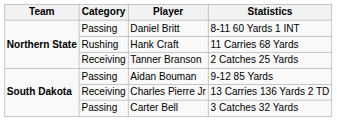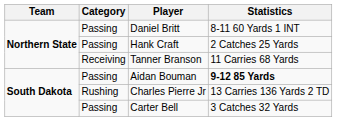 <table class="wikitable" style="float: right;">
 <tr>
 <th>Team</th>
 <th>Category</th>
 <th>Player</th>
 <th>Statistics</th>
 </tr>
 <tr>
 <td rowspan=3><strong>Northern State</strong></td>
 <td>Passing</td>
 <td>Daniel Britt</td>
 <td>8-11 60 Yards 1 INT</td>
 </tr>
 <tr>
-<td>Rushing</td>
+<td>Passing</td>
 <td>Hank Craft</td>
-<td>11 Carries 68 Yards</td>
+<td>2 Catches 25 Yards</td>
 </tr>
 <tr>
 <td>Receiving</td>
 <td>Tanner Branson</td>
-<td>2 Catches 25 Yards</td>
+<td>11 Carries 68 Yards</td>
 </tr>
 <tr>
 <td rowspan=3><strong>South Dakota</strong></td>
 <td>Passing</td>
 <td>Aidan Bouman</td>
-<td>9-12 85 Yards</td>
+<td><strong>9-12 85 Yards</strong></td>
 </tr>
 <tr>
-<td>Receiving</td>
+<td>Rushing</td>
 <td>Charles Pierre Jr</td>
 <td>13 Carries 136 Yards 2 TD</td>
 </tr>
 <tr>
 <td>Passing</td>
 <td>Carter Bell</td>
 <td>3 Catches 32 Yards</td>
 </tr>
 </table>
